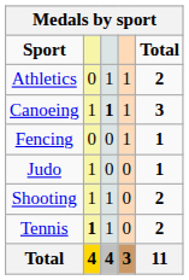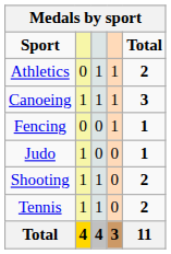 <table class="wikitable" style="font-size:85%;float:left;text-align:center">
 <tr style="background:#efefef;">
 <th colspan=5><strong>Medals by sport</strong></th>
 </tr>
 <tr align=center>
 <td><strong>Sport</strong></td>
 <td bgcolor=#f7f6a8></td>
 <td bgcolor=#dce5e5></td>
 <td bgcolor=#ffdab9></td>
 <td><strong>Total</strong></td>
 </tr>
 <tr align=center>
 <td><a href='#'>Athletics</a></td>
 <td bgcolor=F7F6A8>0</td>
 <td bgcolor=DCE5E5>1</td>
 <td bgcolor=FFDAB9>1</td>
 <td><strong>2</strong></td>
 </tr>
 <tr align=center>
 <td><a href='#'>Canoeing</a></td>
 <td bgcolor=F7F6A8>1</td>
-<td bgcolor=DCE5E5><strong>1</strong></td>
+<td bgcolor=DCE5E5>1</td>
 <td bgcolor=FFDAB9>1</td>
 <td><strong>3</strong></td>
 </tr>
 <tr align=center>
 <td><a href='#'>Fencing</a></td>
 <td style="background:#F7F6A8;">0</td>
 <td style="background:#DCE5E5;">0</td>
 <td style="background:#FFDAB9;">1</td>
 <td><strong>1</strong></td>
 </tr>
 <tr align=center>
 <td><a href='#'>Judo</a></td>
 <td style="background:#F7F6A8;">1</td>
 <td style="background:#DCE5E5;">0</td>
 <td style="background:#FFDAB9;">0</td>
 <td><strong>1</strong></td>
 </tr>
 <tr align=center>
 <td><a href='#'>Shooting</a></td>
 <td style="background:#F7F6A8;">1</td>
 <td style="background:#DCE5E5;">1</td>
 <td style="background:#FFDAB9;">0</td>
 <td><strong>2</strong></td>
 </tr>
 <tr align=center>
 <td><a href='#'>Tennis</a></td>
-<td style="background:#F7F6A8;"><strong>1</strong></td>
+<td style="background:#F7F6A8;">1</td>
 <td style="background:#DCE5E5;">1</td>
 <td style="background:#FFDAB9;">0</td>
 <td><strong>2</strong></td>
 </tr>
 <tr align=center>
 <th><strong>Total</strong></th>
 <th style="background:gold;"><strong>4</strong></th>
 <th style="background:silver;"><strong>4</strong></th>
 <th style="background:#c96;"><strong>3</strong></th>
 <th>11</th>
 </tr>
 </table>
